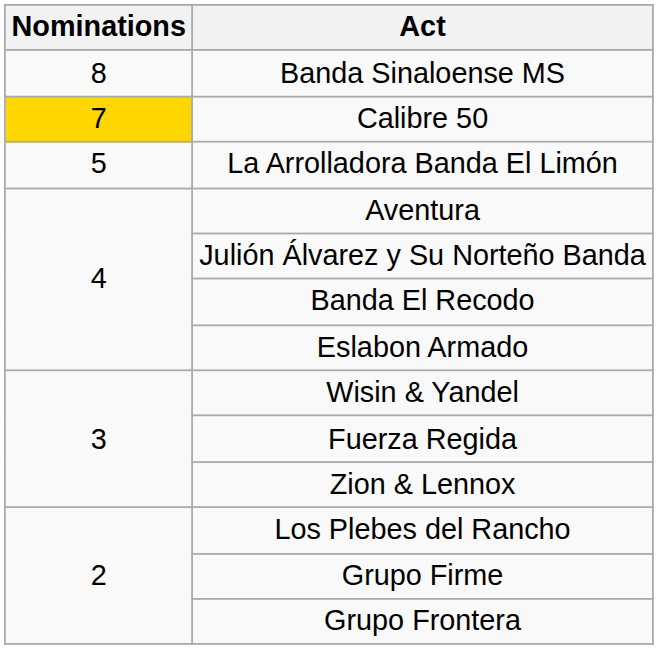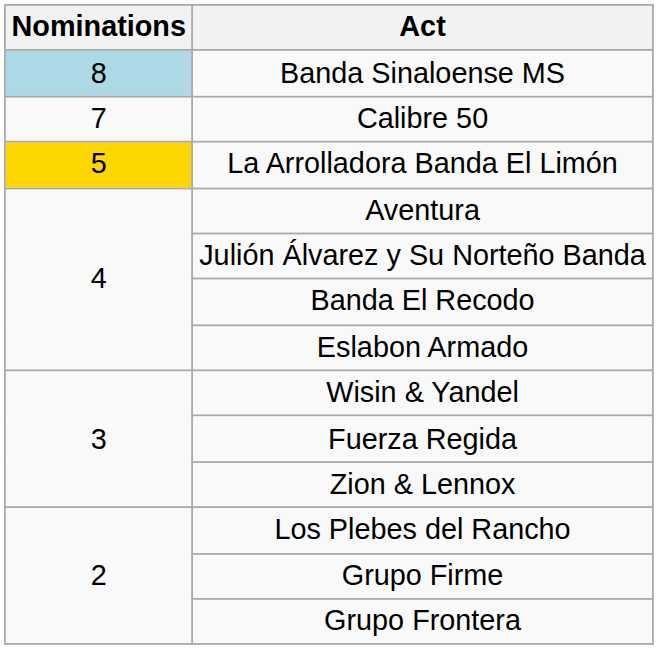 <table class="wikitable" rowspan="2" style="text-align:center;">
 <tr>
 <th scope="col">Nominations</th>
 <th scope="col">Act</th>
 </tr>
 <tr>
-<td>8</td>
+<td style="background: lightblue;">8</td>
 <td>Banda Sinaloense MS</td>
 </tr>
 <tr>
-<td style="background: gold;">7</td>
+<td>7</td>
 <td>Calibre 50</td>
 </tr>
 <tr>
-<td>5</td>
+<td style="background: gold;">5</td>
 <td>La Arrolladora Banda El Limón</td>
 </tr>
 <tr>
 <td rowspan="4">4</td>
 <td>Aventura</td>
 </tr>
 <tr>
 <td>Julión Álvarez y Su Norteño Banda</td>
 </tr>
 <tr>
 <td>Banda El Recodo</td>
 </tr>
 <tr>
 <td>Eslabon Armado</td>
 </tr>
 <tr>
 <td rowspan="3">3</td>
 <td>Wisin & Yandel</td>
 </tr>
 <tr>
 <td>Fuerza Regida</td>
 </tr>
 <tr>
 <td>Zion & Lennox</td>
 </tr>
 <tr>
 <td rowspan="3">2</td>
 <td>Los Plebes del Rancho</td>
 </tr>
 <tr>
 <td>Grupo Firme</td>
 </tr>
 <tr>
 <td>Grupo Frontera</td>
 </tr>
 </table>
